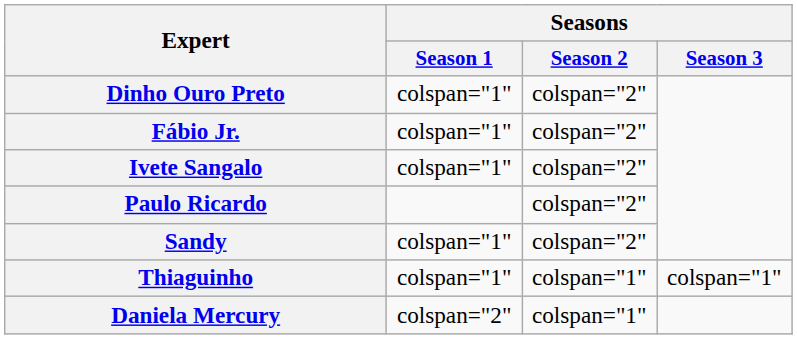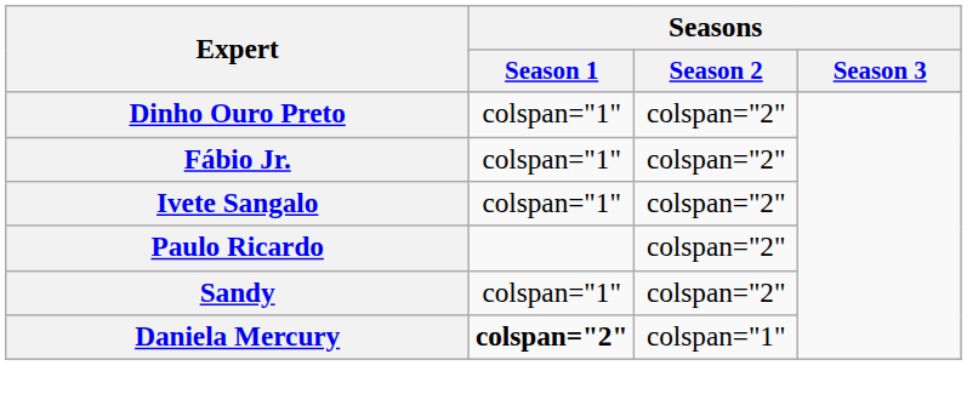 <table class="wikitable plainrowheaders" style="text-align:center;" border="1">
 <tr>
 <th scope="col" rowspan="2" style="width:16em;">Expert</th>
 <th scope="col" colspan="3">Seasons</th>
 </tr>
 <tr>
 <th scope="col" style="width:6em;font-size:90%;"><a href='#'>Season 1</a></th>
 <th scope="col" style="width:6em;font-size:90%;"><a href='#'>Season 2</a></th>
 <th scope="col" style="width:6em;font-size:90%;"><a href='#'>Season 3</a></th>
 </tr>
 <tr>
 <th scope="row"><a href='#'>Dinho Ouro Preto</a></th>
 <td>colspan="1" </td>
 <td>colspan="2" </td>
 </tr>
 <tr>
 <th scope="row"><a href='#'>Fábio Jr.</a></th>
 <td>colspan="1" </td>
 <td>colspan="2" </td>
 </tr>
 <tr>
 <th scope="row"><a href='#'>Ivete Sangalo</a></th>
 <td>colspan="1" </td>
 <td>colspan="2" </td>
 </tr>
 <tr>
 <th scope="row"><a href='#'>Paulo Ricardo</a></th>
 <td></td>
 <td>colspan="2" </td>
 </tr>
 <tr>
 <th scope="row"><a href='#'>Sandy</a></th>
 <td>colspan="1" </td>
 <td>colspan="2" </td>
 </tr>
 <tr>
-<th scope="row"><a href='#'>Thiaguinho</a></th>
-<td>colspan="1" </td>
-<td>colspan="1" </td>
-<td>colspan="1" </td>
-</tr>
-<tr>
 <th scope="row"><a href='#'>Daniela Mercury</a></th>
-<td>colspan="2" </td>
+<td><strong>colspan="2" </strong></td>
 <td>colspan="1" </td>
 </tr>
 </table>
